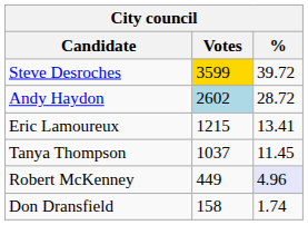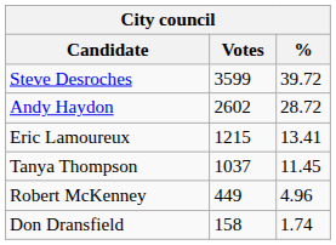 <table class="wikitable">
 <tr>
 <th colspan="3">City council</th>
 </tr>
 <tr>
 <th style="width: 170px">Candidate</th>
 <th style="width: 50px">Votes</th>
 <th style="width: 40px">%</th>
 </tr>
 <tr>
 <td><a href='#'>Steve Desroches</a></td>
-<td style="background: gold;">3599</td>
+<td>3599</td>
 <td>39.72</td>
 </tr>
 <tr>
 <td><a href='#'>Andy Haydon</a></td>
-<td style="background: lightblue;">2602</td>
+<td>2602</td>
 <td>28.72</td>
 </tr>
 <tr>
 <td>Eric Lamoureux</td>
 <td>1215</td>
 <td>13.41</td>
 </tr>
 <tr>
 <td>Tanya Thompson</td>
 <td>1037</td>
 <td>11.45</td>
 </tr>
 <tr>
 <td>Robert McKenney</td>
 <td>449</td>
-<td style="background: lavender;">4.96</td>
+<td>4.96</td>
 </tr>
 <tr>
 <td>Don Dransfield</td>
 <td>158</td>
 <td>1.74</td>
 </tr>
 </table>
